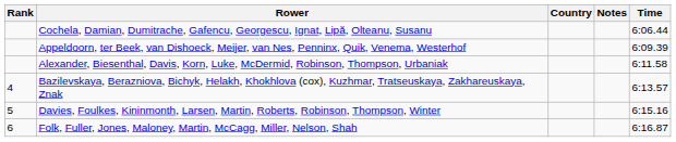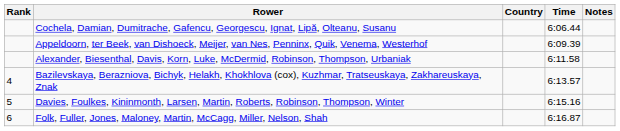 <table class="wikitable sortable" width=78%>
 <tr>
 <th>Rank</th>
 <th>Rower</th>
 <th>Country</th>
+<th>Time</th>
 <th>Notes</th>
-<th>Time</th>
 </tr>
 <tr>
 <td></td>
 <td><a href='#'>Cochela</a>, <a href='#'>Damian</a>, <a href='#'>Dumitrache</a>, <a href='#'>Gafencu</a>, <a href='#'>Georgescu</a>, <a href='#'>Ignat</a>, <a href='#'>Lipă</a>, <a href='#'>Olteanu</a>, <a href='#'>Susanu</a></td>
 <td></td>
+<td>6:06.44</td>
 <td></td>
-<td>6:06.44</td>
 </tr>
 <tr>
 <td></td>
 <td><a href='#'>Appeldoorn</a>, <a href='#'>ter Beek</a>, <a href='#'>van Dishoeck</a>, <a href='#'>Meijer</a>, <a href='#'>van Nes</a>, <a href='#'>Penninx</a>, <a href='#'>Quik</a>, <a href='#'>Venema</a>, <a href='#'>Westerhof</a></td>
 <td></td>
+<td>6:09.39</td>
 <td></td>
-<td>6:09.39</td>
 </tr>
 <tr>
 <td></td>
 <td><a href='#'>Alexander</a>, <a href='#'>Biesenthal</a>, <a href='#'>Davis</a>, <a href='#'>Korn</a>, <a href='#'>Luke</a>, <a href='#'>McDermid</a>, <a href='#'>Robinson</a>, <a href='#'>Thompson</a>, <a href='#'>Urbaniak</a></td>
 <td></td>
+<td>6:11.58</td>
 <td></td>
-<td>6:11.58</td>
 </tr>
 <tr>
 <td>4</td>
 <td><a href='#'>Bazilevskaya</a>, <a href='#'>Berazniova</a>, <a href='#'>Bichyk</a>, <a href='#'>Helakh</a>, <a href='#'>Khokhlova</a> (cox), <a href='#'>Kuzhmar</a>, <a href='#'>Tratseuskaya</a>, <a href='#'>Zakhareuskaya</a>, <a href='#'>Znak</a></td>
 <td></td>
+<td>6:13.57</td>
 <td></td>
-<td>6:13.57</td>
 </tr>
 <tr>
 <td>5</td>
 <td><a href='#'>Davies</a>, <a href='#'>Foulkes</a>, <a href='#'>Kininmonth</a>, <a href='#'>Larsen</a>, <a href='#'>Martin</a>, <a href='#'>Roberts</a>, <a href='#'>Robinson</a>, <a href='#'>Thompson</a>, <a href='#'>Winter</a></td>
 <td></td>
+<td>6:15.16</td>
 <td></td>
-<td>6:15.16</td>
 </tr>
 <tr>
 <td>6</td>
 <td><a href='#'>Folk</a>, <a href='#'>Fuller</a>, <a href='#'>Jones</a>, <a href='#'>Maloney</a>, <a href='#'>Martin</a>, <a href='#'>McCagg</a>, <a href='#'>Miller</a>, <a href='#'>Nelson</a>, <a href='#'>Shah</a></td>
 <td></td>
+<td>6:16.87</td>
 <td></td>
-<td>6:16.87</td>
 </tr>
 </table>
